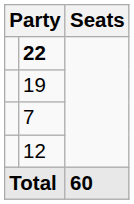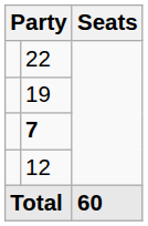 <table class="wikitable">
 <tr>
 <th colspan=2>Party</th>
 <th>Seats</th>
 </tr>
 <tr>
 <td></td>
-<td><strong>22</strong></td>
+<td>22</td>
 </tr>
 <tr>
 <td></td>
 <td>19</td>
 </tr>
 <tr>
 <td></td>
-<td>7</td>
+<td><strong>7</strong></td>
 </tr>
 <tr>
 <td></td>
 <td>12</td>
 </tr>
 <tr style="font-weight:bold; background:rgb(232,232,232);">
 <td colspan=2>Total</td>
 <td>60</td>
 </tr>
 </table>
